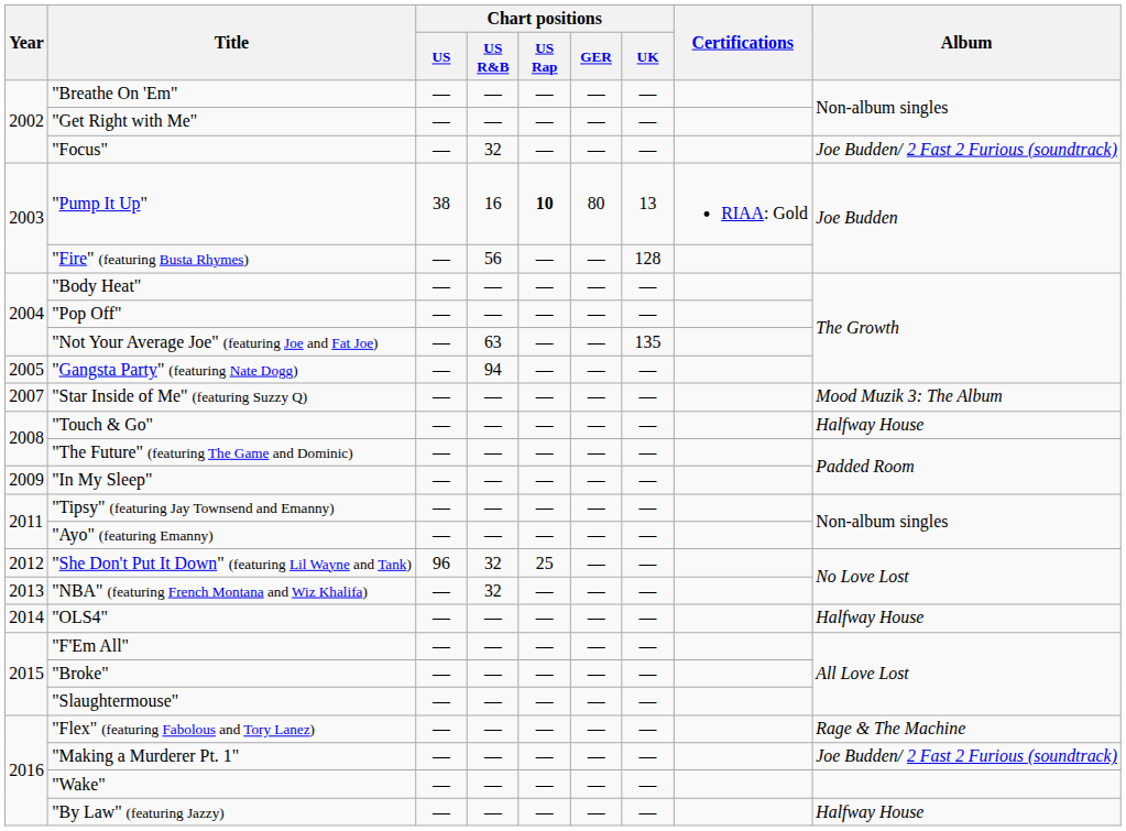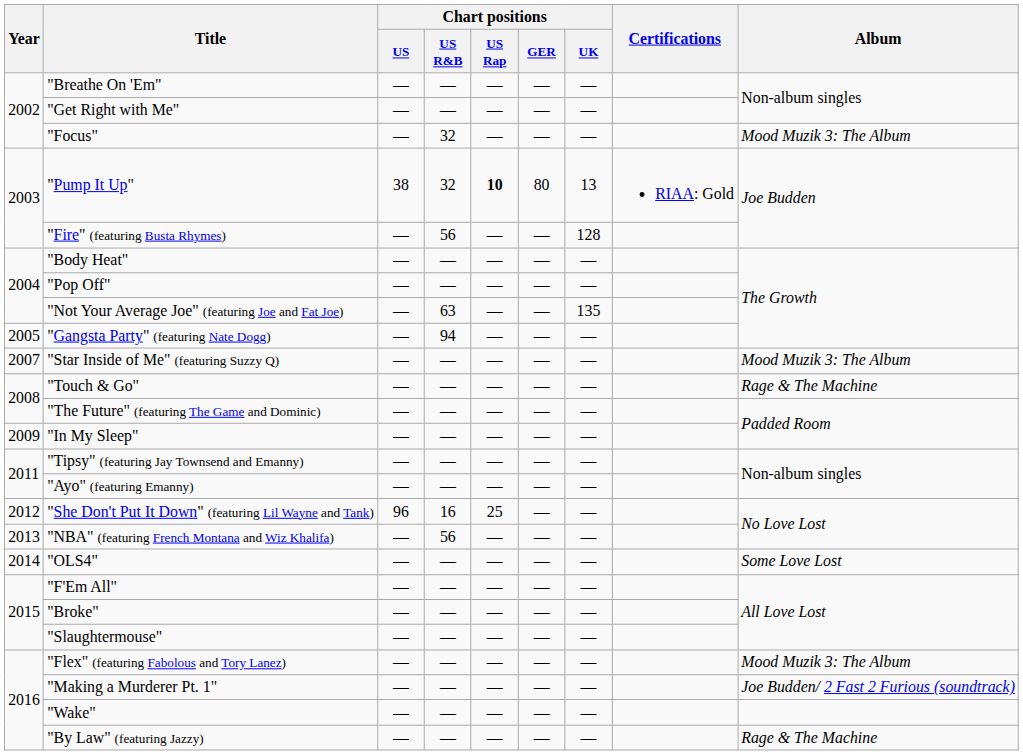 <table class="wikitable">
 <tr>
 <th rowspan="2">Year</th>
 <th rowspan="2">Title</th>
 <th colspan="5">Chart positions</th>
 <th rowspan="2"><a href='#'>Certifications</a></th>
 <th rowspan="2">Album</th>
 </tr>
 <tr>
 <th style="width:40px;"><small><a href='#'>US</a></small><br></th>
 <th style="width:40px;"><small><a href='#'>US R&B</a></small><br></th>
 <th style="width:40px;"><small><a href='#'>US Rap</a></small><br></th>
 <th style="width:40px;"><small><a href='#'>GER</a></small></th>
 <th style="width:40px;"><small><a href='#'>UK</a></small><br></th>
 </tr>
 <tr>
 <td style="text-align:left;" rowspan="3">2002</td>
 <td>"Breathe On 'Em"</td>
 <td style="text-align:center;">—</td>
 <td style="text-align:center;">—</td>
 <td style="text-align:center;">—</td>
 <td style="text-align:center;">—</td>
 <td style="text-align:center;">—</td>
 <td></td>
 <td rowspan="2" style="text-align:left;">Non-album singles</td>
 </tr>
 <tr>
 <td>"Get Right with Me"</td>
 <td style="text-align:center;">—</td>
 <td style="text-align:center;">—</td>
 <td style="text-align:center;">—</td>
 <td style="text-align:center;">—</td>
 <td style="text-align:center;">—</td>
 <td></td>
 </tr>
 <tr>
 <td>"Focus"</td>
 <td style="text-align:center;">—</td>
 <td style="text-align:center;">32</td>
 <td style="text-align:center;">—</td>
 <td style="text-align:center;">—</td>
 <td style="text-align:center;">—</td>
 <td></td>
-<td style="text-align:left;"><em>Joe Budden/ <a href='#'>2 Fast 2 Furious (soundtrack)</a></em></td>
+<td style="text-align:left;"><em>Mood Muzik 3: The Album</em></td>
 </tr>
 <tr>
 <td rowspan="2" style="text-align:center;">2003</td>
 <td>"<a href='#'>Pump It Up</a>"</td>
 <td style="text-align:center;">38</td>
-<td style="text-align:center;">16</td>
+<td style="text-align:center;">32</td>
 <td style="text-align:center;"><strong>10</strong></td>
 <td style="text-align:center;">80</td>
 <td style="text-align:center;">13</td>
 <td><br><ul><li><a href='#'>RIAA</a>: Gold</li></ul></td>
 <td rowspan="2"><em>Joe Budden</em></td>
 </tr>
 <tr>
 <td style="text-align:left">"<a href='#'>Fire</a>" <small>(featuring <a href='#'>Busta Rhymes</a>)</small></td>
 <td style="text-align:center;">—</td>
 <td style="text-align:center;">56</td>
 <td style="text-align:center;">—</td>
 <td style="text-align:center;">—</td>
 <td style="text-align:center;">128</td>
 <td></td>
 </tr>
 <tr>
 <td style="text-align:left;" rowspan="3">2004</td>
 <td>"Body Heat"</td>
 <td style="text-align:center;">—</td>
 <td style="text-align:center;">—</td>
 <td style="text-align:center;">—</td>
 <td style="text-align:center;">—</td>
 <td style="text-align:center;">—</td>
 <td></td>
 <td rowspan="4" style="text-align:left;"><em>The Growth</em></td>
 </tr>
 <tr>
 <td>"Pop Off"</td>
 <td style="text-align:center;">—</td>
 <td style="text-align:center;">—</td>
 <td style="text-align:center;">—</td>
 <td style="text-align:center;">—</td>
 <td style="text-align:center;">—</td>
 <td></td>
 </tr>
 <tr>
 <td>"Not Your Average Joe" <small>(featuring <a href='#'>Joe</a> and <a href='#'>Fat Joe</a>)</small></td>
 <td style="text-align:center;">—</td>
 <td style="text-align:center;">63</td>
 <td style="text-align:center;">—</td>
 <td style="text-align:center;">—</td>
 <td style="text-align:center;">135</td>
 <td></td>
 </tr>
 <tr>
 <td style="text-align:center;">2005</td>
 <td style="text-align:left">"<a href='#'>Gangsta Party</a>" <small>(featuring <a href='#'>Nate Dogg</a>)</small></td>
 <td style="text-align:center;">—</td>
 <td style="text-align:center;">94</td>
 <td style="text-align:center;">—</td>
 <td style="text-align:center;">—</td>
 <td style="text-align:center;">—</td>
 <td></td>
 </tr>
 <tr>
 <td style="text-align:left;">2007</td>
 <td>"Star Inside of Me" <small>(featuring Suzzy Q)</small></td>
 <td style="text-align:center;">—</td>
 <td style="text-align:center;">—</td>
 <td style="text-align:center;">—</td>
 <td style="text-align:center;">—</td>
 <td style="text-align:center;">—</td>
 <td></td>
 <td style="text-align:left;"><em>Mood Muzik 3: The Album</em></td>
 </tr>
 <tr>
 <td style="text-align:center;" rowspan="2">2008</td>
 <td style="text-align:left">"Touch & Go"</td>
 <td style="text-align:center;">—</td>
 <td style="text-align:center;">—</td>
 <td style="text-align:center;">—</td>
 <td style="text-align:center;">—</td>
 <td style="text-align:center;">—</td>
 <td></td>
-<td style="text-align:left;"><em>Halfway House</em></td>
+<td style="text-align:left;"><em>Rage & The Machine</em></td>
 </tr>
 <tr>
 <td style="text-align:left">"The Future" <small>(featuring <a href='#'>The Game</a> and Dominic)</small></td>
 <td style="text-align:center;">—</td>
 <td style="text-align:center;">—</td>
 <td style="text-align:center;">—</td>
 <td style="text-align:center;">—</td>
 <td style="text-align:center;">—</td>
 <td></td>
 <td rowspan="2" style="text-align:left;"><em>Padded Room</em></td>
 </tr>
 <tr>
 <td style="text-align:center;">2009</td>
 <td style="text-align:left">"In My Sleep"</td>
 <td style="text-align:center;">—</td>
 <td style="text-align:center;">—</td>
 <td style="text-align:center;">—</td>
 <td style="text-align:center;">—</td>
 <td style="text-align:center;">—</td>
 <td></td>
 </tr>
 <tr>
 <td style="text-align:left;" rowspan="2">2011</td>
 <td>"Tipsy" <small>(featuring Jay Townsend and Emanny)</small></td>
 <td style="text-align:center;">—</td>
 <td style="text-align:center;">—</td>
 <td style="text-align:center;">—</td>
 <td style="text-align:center;">—</td>
 <td style="text-align:center;">—</td>
 <td></td>
 <td rowspan="2" style="text-align:left;">Non-album singles</td>
 </tr>
 <tr>
 <td>"Ayo" <small>(featuring Emanny)</small></td>
 <td style="text-align:center;">—</td>
 <td style="text-align:center;">—</td>
 <td style="text-align:center;">—</td>
 <td style="text-align:center;">—</td>
 <td style="text-align:center;">—</td>
 <td></td>
 </tr>
 <tr>
 <td style="text-align:left;">2012</td>
 <td>"<a href='#'>She Don't Put It Down</a>" <small>(featuring <a href='#'>Lil Wayne</a> and <a href='#'>Tank</a>)</small></td>
 <td style="text-align:center;">96</td>
-<td style="text-align:center;">32</td>
+<td style="text-align:center;">16</td>
 <td style="text-align:center;">25</td>
 <td style="text-align:center;">—</td>
 <td style="text-align:center;">—</td>
 <td></td>
 <td rowspan="2" style="text-align:left;"><em>No Love Lost</em></td>
 </tr>
 <tr>
 <td style="text-align:left;">2013</td>
 <td>"NBA" <small>(featuring <a href='#'>French Montana</a> and <a href='#'>Wiz Khalifa</a>)</small></td>
 <td style="text-align:center;">—</td>
-<td style="text-align:center;">32</td>
+<td style="text-align:center;">56</td>
 <td style="text-align:center;">—</td>
 <td style="text-align:center;">—</td>
 <td style="text-align:center;">—</td>
 <td></td>
 </tr>
 <tr>
 <td style="text-align:center;">2014</td>
 <td style="text-align:left">"OLS4"</td>
 <td style="text-align:center;">—</td>
 <td style="text-align:center;">—</td>
 <td style="text-align:center;">—</td>
 <td style="text-align:center;">—</td>
 <td style="text-align:center;">—</td>
 <td></td>
-<td style="text-align:left;"><em>Halfway House</em></td>
+<td style="text-align:left;"><em>Some Love Lost</em></td>
 </tr>
 <tr>
 <td style="text-align:left;" rowspan="3">2015</td>
 <td>"F'Em All"</td>
 <td style="text-align:center;">—</td>
 <td style="text-align:center;">—</td>
 <td style="text-align:center;">—</td>
 <td style="text-align:center;">—</td>
 <td style="text-align:center;">—</td>
 <td></td>
 <td rowspan="3" style="text-align:left;"><em>All Love Lost</em></td>
 </tr>
 <tr>
 <td style="text-align:left">"Broke"</td>
 <td style="text-align:center;">—</td>
 <td style="text-align:center;">—</td>
 <td style="text-align:center;">—</td>
 <td style="text-align:center;">—</td>
 <td style="text-align:center;">—</td>
 <td></td>
 </tr>
 <tr>
 <td style="text-align:left">"Slaughtermouse"</td>
 <td style="text-align:center;">—</td>
 <td style="text-align:center;">—</td>
 <td style="text-align:center;">—</td>
 <td style="text-align:center;">—</td>
 <td style="text-align:center;">—</td>
 <td></td>
 </tr>
 <tr>
 <td style="text-align:left;" rowspan="4">2016</td>
 <td>"Flex" <small>(featuring <a href='#'>Fabolous</a> and <a href='#'>Tory Lanez</a>)</small></td>
 <td style="text-align:center;">—</td>
 <td style="text-align:center;">—</td>
 <td style="text-align:center;">—</td>
 <td style="text-align:center;">—</td>
 <td style="text-align:center;">—</td>
 <td></td>
-<td style="text-align:left;"><em>Rage & The Machine</em></td>
+<td style="text-align:left;"><em>Mood Muzik 3: The Album</em></td>
 </tr>
 <tr>
 <td>"Making a Murderer Pt. 1"</td>
 <td style="text-align:center;">—</td>
 <td style="text-align:center;">—</td>
 <td style="text-align:center;">—</td>
 <td style="text-align:center;">—</td>
 <td style="text-align:center;">—</td>
 <td></td>
 <td style="text-align:left;"><em>Joe Budden/ <a href='#'>2 Fast 2 Furious (soundtrack)</a></em></td>
 </tr>
 <tr>
 <td>"Wake"</td>
 <td style="text-align:center;">—</td>
 <td style="text-align:center;">—</td>
 <td style="text-align:center;">—</td>
 <td style="text-align:center;">—</td>
 <td style="text-align:center;">—</td>
 <td></td>
 </tr>
 <tr>
 <td>"By Law" <small>(featuring Jazzy)</small></td>
 <td style="text-align:center;">—</td>
 <td style="text-align:center;">—</td>
 <td style="text-align:center;">—</td>
 <td style="text-align:center;">—</td>
 <td style="text-align:center;">—</td>
 <td></td>
-<td style="text-align:left;"><em>Halfway House</em></td>
+<td style="text-align:left;"><em>Rage & The Machine</em></td>
 </tr>
 </table>
